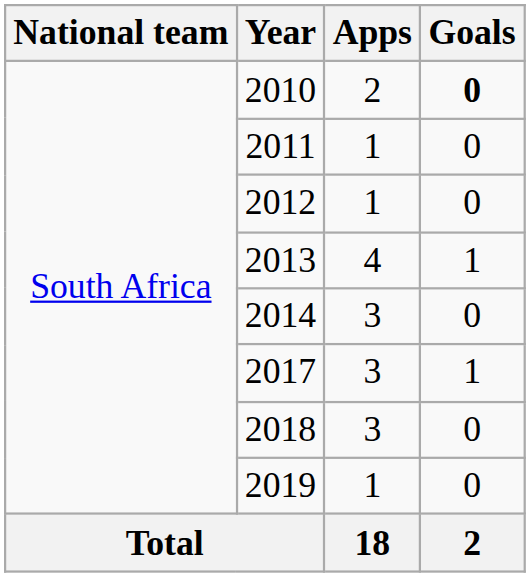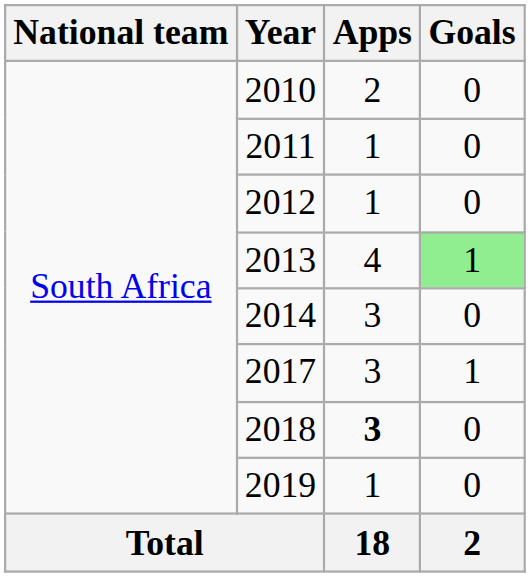 <table class="wikitable" style="text-align:center">
 <tr>
 <th>National team</th>
 <th>Year</th>
 <th>Apps</th>
 <th>Goals</th>
 </tr>
 <tr>
 <td rowspan="8"><a href='#'>South Africa</a></td>
 <td>2010</td>
 <td>2</td>
-<td><strong>0</strong></td>
+<td>0</td>
 </tr>
 <tr>
 <td>2011</td>
 <td>1</td>
 <td>0</td>
 </tr>
 <tr>
 <td>2012</td>
 <td>1</td>
 <td>0</td>
 </tr>
 <tr>
 <td>2013</td>
 <td>4</td>
-<td>1</td>
+<td style="background: lightgreen;">1</td>
 </tr>
 <tr>
 <td>2014</td>
 <td>3</td>
 <td>0</td>
 </tr>
 <tr>
 <td>2017</td>
 <td>3</td>
 <td>1</td>
 </tr>
 <tr>
 <td>2018</td>
-<td>3</td>
+<td><strong>3</strong></td>
 <td>0</td>
 </tr>
 <tr>
 <td>2019</td>
 <td>1</td>
 <td>0</td>
 </tr>
 <tr>
 <th colspan="2">Total</th>
 <th>18</th>
 <th>2</th>
 </tr>
 </table>
